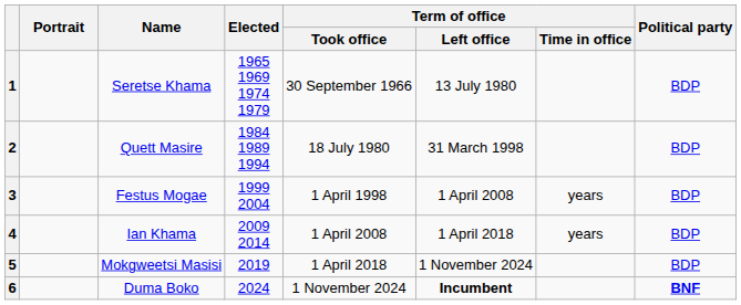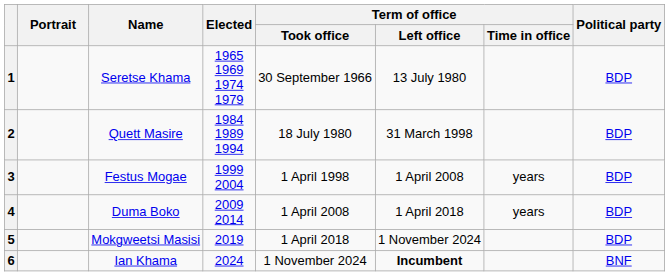 <table class="wikitable" style="text-align:center">
 <tr>
 <th rowspan="2"></th>
 <th rowspan="2" style="width:80px;">Portrait</th>
 <th rowspan="2">Name<br></th>
 <th rowspan="2">Elected</th>
 <th colspan="3">Term of office</th>
 <th rowspan="2">Political party<br></th>
 </tr>
 <tr>
 <th>Took office</th>
 <th>Left office</th>
 <th>Time in office</th>
 </tr>
 <tr>
 <th style="background:">1</th>
 <td></td>
 <td><a href='#'>Seretse Khama</a><br></td>
 <td><a href='#'>1965</a><br><a href='#'>1969</a><br><a href='#'>1974</a><br><a href='#'>1979</a></td>
 <td>30 September 1966</td>
 <td>13 July 1980</td>
 <td></td>
 <td><a href='#'>BDP</a></td>
 </tr>
 <tr>
 <th style="background:">2</th>
 <td></td>
 <td><a href='#'>Quett Masire</a><br></td>
 <td><a href='#'>1984</a><br><a href='#'>1989</a><br><a href='#'>1994</a></td>
 <td>18 July 1980</td>
 <td>31 March 1998</td>
 <td></td>
 <td><a href='#'>BDP</a></td>
 </tr>
 <tr>
 <th style="background:">3</th>
 <td></td>
 <td><a href='#'>Festus Mogae</a><br></td>
 <td><a href='#'>1999</a><br><a href='#'>2004</a></td>
 <td>1 April 1998</td>
 <td>1 April 2008</td>
 <td> years</td>
 <td><a href='#'>BDP</a></td>
 </tr>
 <tr>
 <th style="background:">4</th>
 <td></td>
-<td><a href='#'>Ian Khama</a><br></td>
+<td><a href='#'>Duma Boko</a><br></td>
 <td><a href='#'>2009</a><br><a href='#'>2014</a></td>
 <td>1 April 2008</td>
 <td>1 April 2018</td>
 <td> years</td>
 <td><a href='#'>BDP</a></td>
 </tr>
 <tr>
 <th style="background:">5</th>
 <td></td>
 <td><a href='#'>Mokgweetsi Masisi</a><br></td>
 <td><a href='#'>2019</a></td>
 <td>1 April 2018</td>
 <td>1 November 2024</td>
 <td></td>
 <td><a href='#'>BDP</a></td>
 </tr>
 <tr>
 <th style="background:">6</th>
 <td></td>
-<td><a href='#'>Duma Boko</a><br></td>
+<td><a href='#'>Ian Khama</a><br></td>
 <td><a href='#'>2024</a></td>
 <td>1 November 2024</td>
 <td><strong>Incumbent</strong></td>
 <td></td>
-<td><strong><a href='#'>BNF</a><br></strong></td>
+<td><a href='#'>BNF</a><br></td>
 </tr>
 </table>
